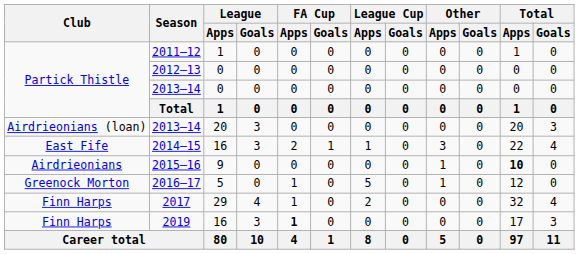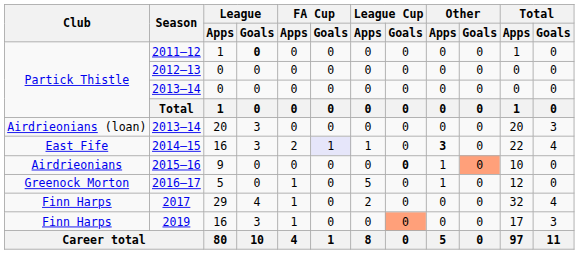 <table class="wikitable" style="text-align: center;">
 <tr>
 <th rowspan="2">Club</th>
 <th rowspan="2">Season</th>
 <th colspan="2">League</th>
 <th colspan="2">FA Cup</th>
 <th colspan="2">League Cup</th>
 <th colspan="2">Other</th>
 <th colspan="2">Total</th>
 </tr>
 <tr>
 <th>Apps</th>
 <th>Goals</th>
 <th>Apps</th>
 <th>Goals</th>
 <th>Apps</th>
 <th>Goals</th>
 <th>Apps</th>
 <th>Goals</th>
 <th>Apps</th>
 <th>Goals</th>
 </tr>
 <tr>
 <td rowspan="4"><a href='#'>Partick Thistle</a></td>
 <td><a href='#'>2011–12</a></td>
 <td>1</td>
-<td>0</td>
+<td><strong>0</strong></td>
 <td>0</td>
 <td>0</td>
 <td>0</td>
 <td>0</td>
 <td>0</td>
 <td>0</td>
 <td>1</td>
 <td>0</td>
 </tr>
 <tr>
 <td><a href='#'>2012–13</a></td>
 <td>0</td>
 <td>0</td>
 <td>0</td>
 <td>0</td>
 <td>0</td>
 <td>0</td>
 <td>0</td>
 <td>0</td>
 <td>0</td>
 <td>0</td>
 </tr>
 <tr>
 <td><a href='#'>2013–14</a></td>
 <td>0</td>
 <td>0</td>
 <td>0</td>
 <td>0</td>
 <td>0</td>
 <td>0</td>
 <td>0</td>
 <td>0</td>
 <td>0</td>
 <td>0</td>
 </tr>
 <tr>
 <th>Total</th>
 <th>1</th>
 <th>0</th>
 <th>0</th>
 <th>0</th>
 <th>0</th>
 <th>0</th>
 <th>0</th>
 <th>0</th>
 <th>1</th>
 <th>0</th>
 </tr>
 <tr>
 <td rowspan="1"><a href='#'>Airdrieonians</a> (loan)</td>
 <td><a href='#'>2013–14</a></td>
 <td>20</td>
 <td>3</td>
 <td>0</td>
 <td>0</td>
 <td>0</td>
 <td>0</td>
 <td>0</td>
 <td>0</td>
 <td>20</td>
 <td>3</td>
 </tr>
 <tr>
 <td rowspan="1"><a href='#'>East Fife</a></td>
 <td><a href='#'>2014–15</a></td>
 <td>16</td>
 <td>3</td>
 <td>2</td>
-<td>1</td>
+<td style="background: lavender;">1</td>
 <td>1</td>
 <td>0</td>
-<td>3</td>
+<td><strong>3</strong></td>
 <td>0</td>
 <td>22</td>
 <td>4</td>
 </tr>
 <tr>
 <td rowspan="1"><a href='#'>Airdrieonians</a></td>
 <td><a href='#'>2015–16</a></td>
 <td>9</td>
 <td>0</td>
 <td>0</td>
 <td>0</td>
 <td>0</td>
-<td>0</td>
+<td><strong>0</strong></td>
 <td>1</td>
-<td>0</td>
-<td><strong>10</strong></td>
+<td style="background: lightsalmon;">0</td>
+<td>10</td>
 <td>0</td>
 </tr>
 <tr>
 <td rowspan="1"><a href='#'>Greenock Morton</a></td>
 <td><a href='#'>2016–17</a></td>
 <td>5</td>
 <td>0</td>
 <td>1</td>
 <td>0</td>
 <td>5</td>
 <td>0</td>
 <td>1</td>
 <td>0</td>
 <td>12</td>
 <td>0</td>
 </tr>
 <tr>
 <td rowspan="1"><a href='#'>Finn Harps</a></td>
 <td><a href='#'>2017</a></td>
 <td>29</td>
 <td>4</td>
 <td>1</td>
 <td>0</td>
 <td>2</td>
 <td>0</td>
 <td>0</td>
 <td>0</td>
 <td>32</td>
 <td>4</td>
 </tr>
 <tr>
 <td rowspan="1"><a href='#'>Finn Harps</a></td>
 <td><a href='#'>2019</a></td>
 <td>16</td>
 <td>3</td>
-<td><strong>1</strong></td>
+<td>1</td>
 <td>0</td>
 <td>0</td>
-<td>0</td>
+<td style="background: lightsalmon;">0</td>
 <td>0</td>
 <td>0</td>
 <td>17</td>
 <td>3</td>
 </tr>
 <tr>
 <th colspan="2">Career total</th>
 <th>80</th>
 <th>10</th>
 <th>4</th>
 <th>1</th>
 <th>8</th>
 <th>0</th>
 <th>5</th>
 <th>0</th>
 <th>97</th>
 <th>11</th>
 </tr>
 </table>
